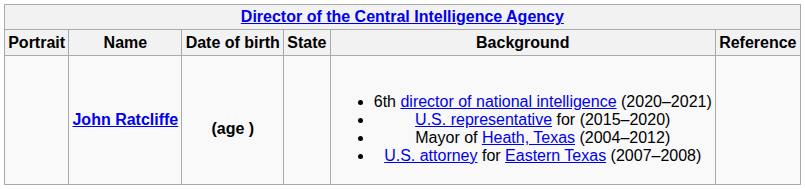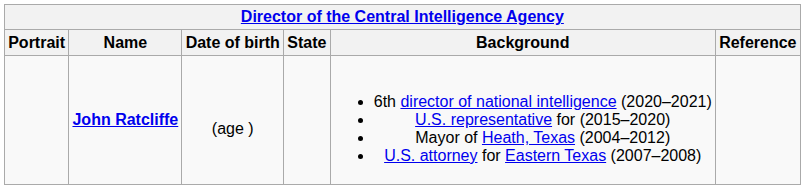 <table class="wikitable collapsible" style="text-align:center;">
 <tr>
 <th colspan="6"><a href='#'>Director of the Central Intelligence Agency</a></th>
 </tr>
 <tr>
 <th>Portrait</th>
 <th>Name</th>
 <th>Date of birth</th>
 <th>State</th>
 <th>Background</th>
 <th>Reference</th>
 </tr>
 <tr>
 <td></td>
 <td><strong><a href='#'>John Ratcliffe</a></strong></td>
-<td><strong><br>(age )</strong></td>
+<td><br>(age )</td>
 <td></td>
 <td><br><ul><li>6th <a href='#'>director of national intelligence</a> (2020–2021)</li><li><a href='#'>U.S. representative</a> for  (2015–2020)</li><li>Mayor of <a href='#'>Heath, Texas</a> (2004–2012)</li><li><a href='#'>U.S. attorney</a> for <a href='#'>Eastern Texas</a> (2007–2008)</li></ul></td>
 <td></td>
 </tr>
 </table>
